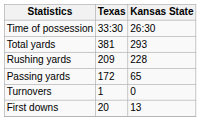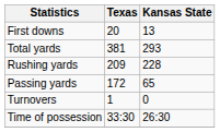 <table class="wikitable" style="float: left;">
 <tr>
 <th>Statistics</th>
 <th>Texas</th>
 <th>Kansas State</th>
 </tr>
 <tr>
-<td>Time of possession</td>
-<td>33:30</td>
-<td>26:30</td>
+<td>First downs</td>
+<td>20</td>
+<td>13</td>
 </tr>
 <tr>
 <td>Total yards</td>
 <td>381</td>
 <td>293</td>
 </tr>
 <tr>
 <td>Rushing yards</td>
 <td>209</td>
 <td>228</td>
 </tr>
 <tr>
 <td>Passing yards</td>
 <td>172</td>
 <td>65</td>
 </tr>
 <tr>
 <td>Turnovers</td>
 <td>1</td>
 <td>0</td>
 </tr>
 <tr>
-<td>First downs</td>
-<td>20</td>
-<td>13</td>
+<td>Time of possession</td>
+<td>33:30</td>
+<td>26:30</td>
 </tr>
 <tr>
 </tr>
 </table>
